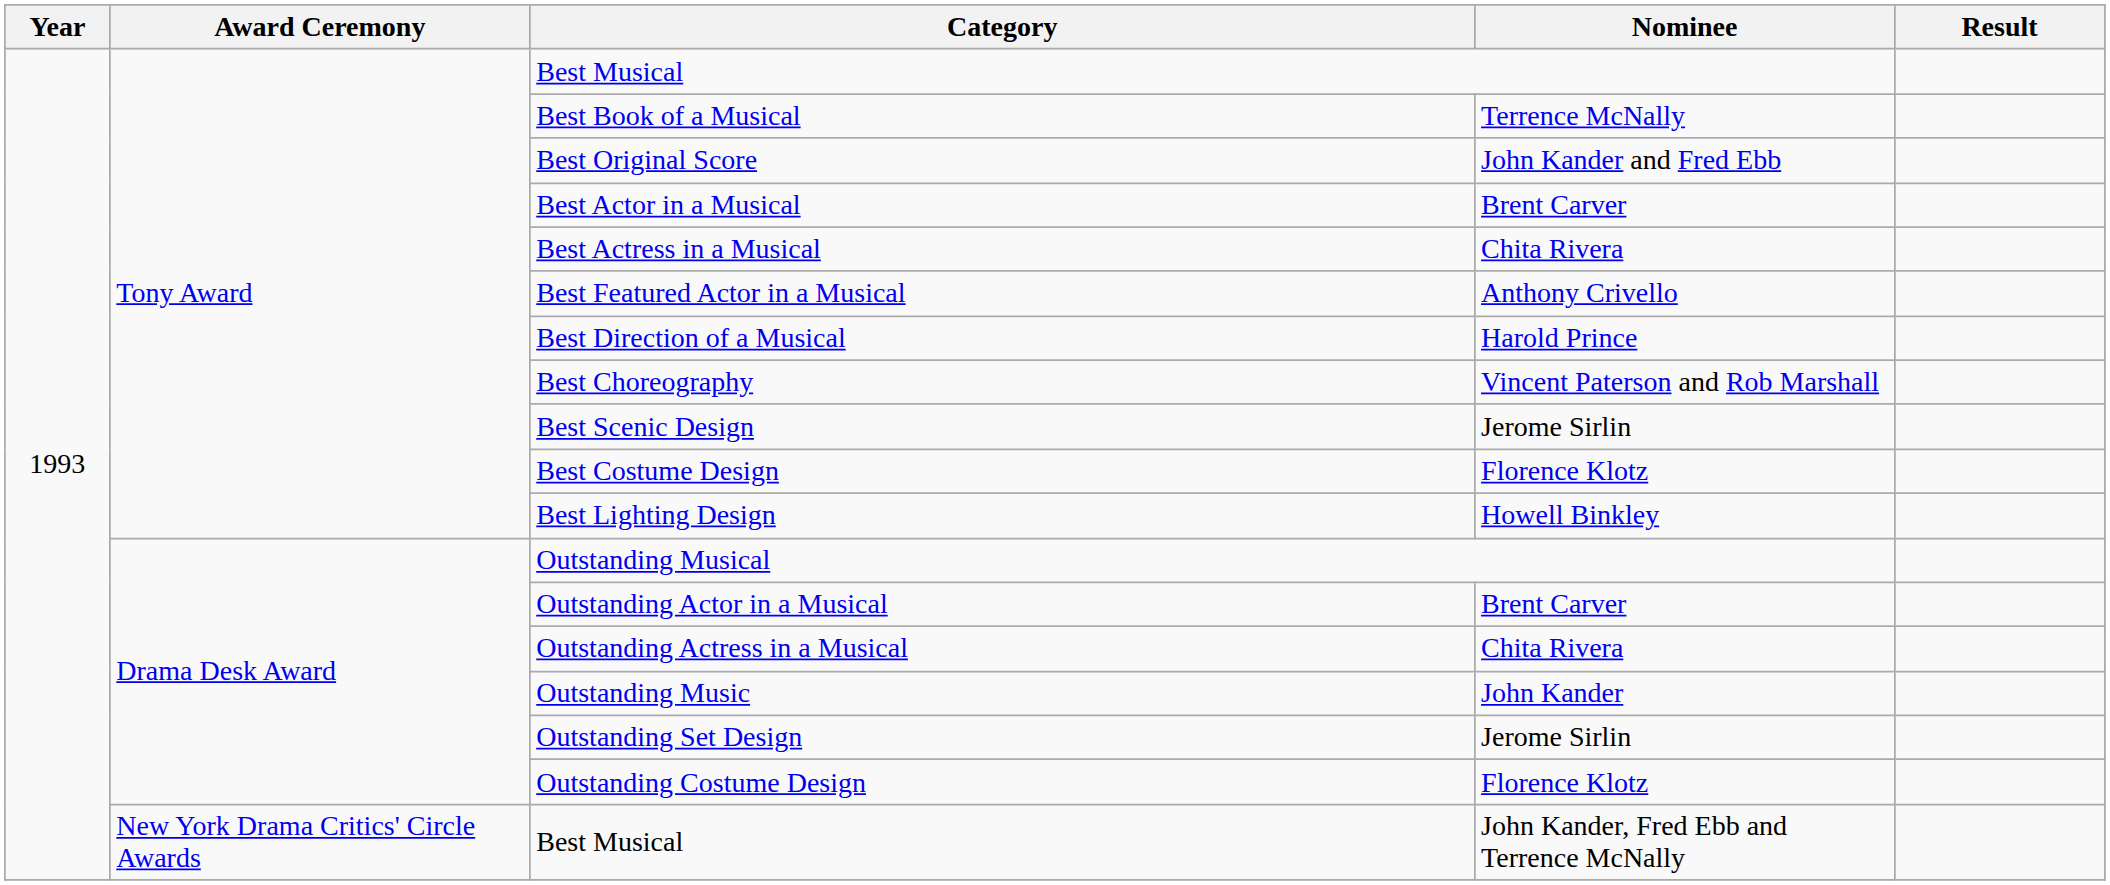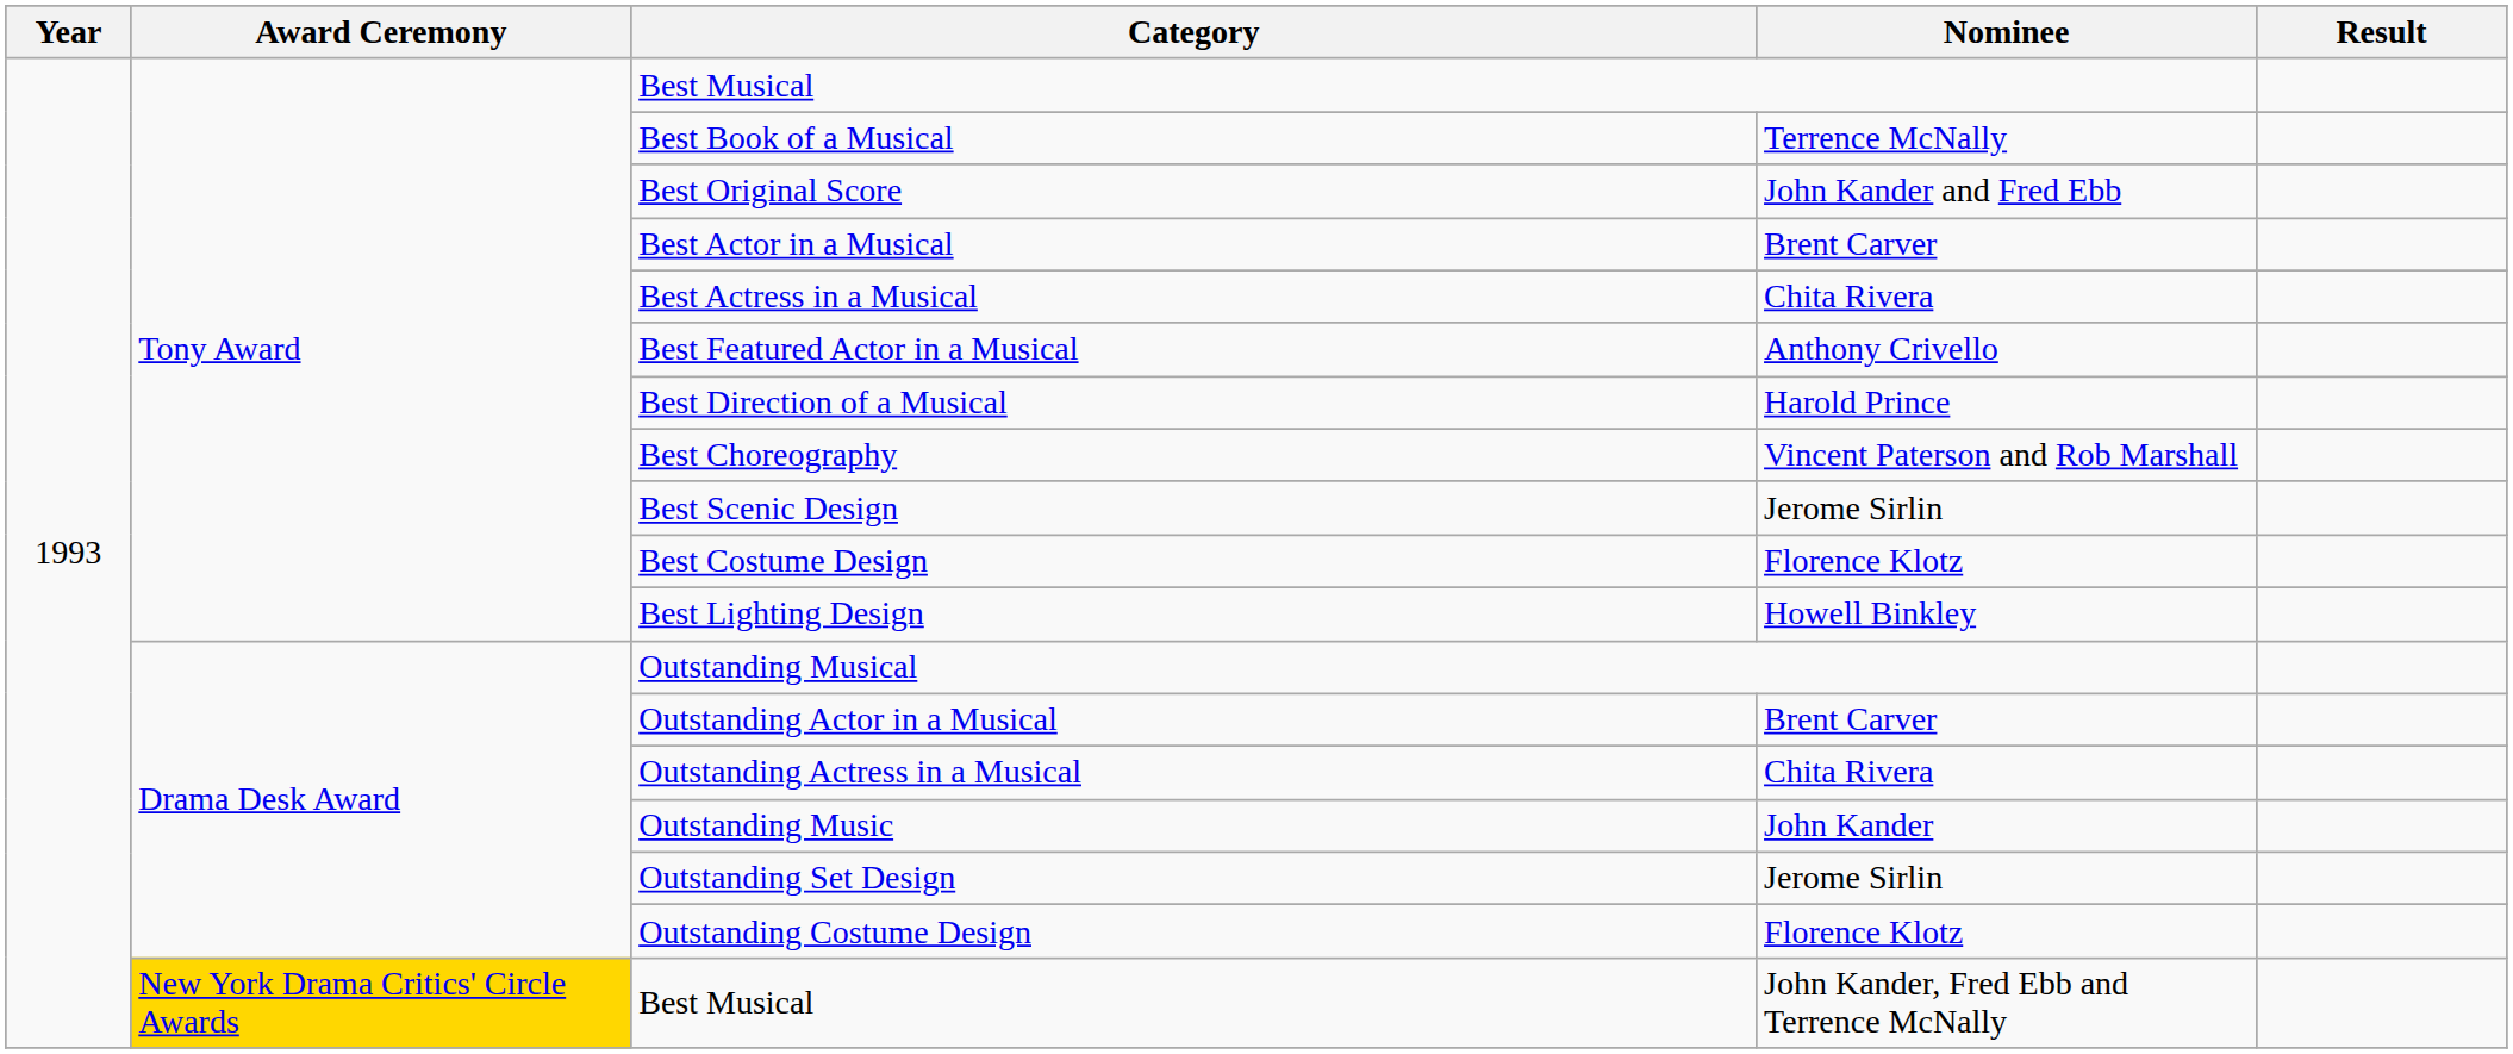 <table class="wikitable" width="95%">
 <tr>
 <th width="5%">Year</th>
 <th width="20%">Award Ceremony</th>
 <th width="45%">Category</th>
 <th width="20%">Nominee</th>
 <th width="10%">Result</th>
 </tr>
 <tr>
 <td rowspan="18" align="center">1993</td>
 <td rowspan="11"><a href='#'>Tony Award</a></td>
 <td colspan="2"><a href='#'>Best Musical</a></td>
 <td></td>
 </tr>
 <tr>
 <td><a href='#'>Best Book of a Musical</a></td>
 <td><a href='#'>Terrence McNally</a></td>
 <td></td>
 </tr>
 <tr>
 <td><a href='#'>Best Original Score</a></td>
 <td><a href='#'>John Kander</a> and <a href='#'>Fred Ebb</a></td>
 <td></td>
 </tr>
 <tr>
 <td><a href='#'>Best Actor in a Musical</a></td>
 <td><a href='#'>Brent Carver</a></td>
 <td></td>
 </tr>
 <tr>
 <td><a href='#'>Best Actress in a Musical</a></td>
 <td><a href='#'>Chita Rivera</a></td>
 <td></td>
 </tr>
 <tr>
 <td><a href='#'>Best Featured Actor in a Musical</a></td>
 <td><a href='#'>Anthony Crivello</a></td>
 <td></td>
 </tr>
 <tr>
 <td><a href='#'>Best Direction of a Musical</a></td>
 <td><a href='#'>Harold Prince</a></td>
 <td></td>
 </tr>
 <tr>
 <td><a href='#'>Best Choreography</a></td>
 <td><a href='#'>Vincent Paterson</a> and <a href='#'>Rob Marshall</a></td>
 <td></td>
 </tr>
 <tr>
 <td><a href='#'>Best Scenic Design</a></td>
 <td>Jerome Sirlin</td>
 <td></td>
 </tr>
 <tr>
 <td><a href='#'>Best Costume Design</a></td>
 <td><a href='#'>Florence Klotz</a></td>
 <td></td>
 </tr>
 <tr>
 <td><a href='#'>Best Lighting Design</a></td>
 <td><a href='#'>Howell Binkley</a></td>
 <td></td>
 </tr>
 <tr>
 <td rowspan="6"><a href='#'>Drama Desk Award</a></td>
 <td colspan="2"><a href='#'>Outstanding Musical</a></td>
 <td></td>
 </tr>
 <tr>
 <td><a href='#'>Outstanding Actor in a Musical</a></td>
 <td><a href='#'>Brent Carver</a></td>
 <td></td>
 </tr>
 <tr>
 <td><a href='#'>Outstanding Actress in a Musical</a></td>
 <td><a href='#'>Chita Rivera</a></td>
 <td></td>
 </tr>
 <tr>
 <td><a href='#'>Outstanding Music</a></td>
 <td><a href='#'>John Kander</a></td>
 <td></td>
 </tr>
 <tr>
 <td><a href='#'>Outstanding Set Design</a></td>
 <td>Jerome Sirlin</td>
 <td></td>
 </tr>
 <tr>
 <td><a href='#'>Outstanding Costume Design</a></td>
 <td><a href='#'>Florence Klotz</a></td>
 <td></td>
 </tr>
 <tr>
-<td><a href='#'>New York Drama Critics' Circle Awards</a></td>
+<td style="background: gold;"><a href='#'>New York Drama Critics' Circle Awards</a></td>
 <td>Best Musical</td>
 <td>John Kander, Fred Ebb and Terrence McNally</td>
 <td></td>
 </tr>
 </table>
